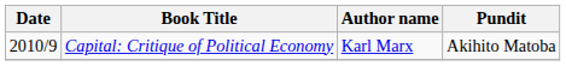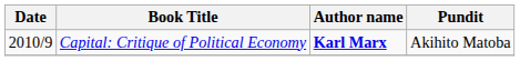 <table class="wikitable">
 <tr>
 <th>Date</th>
 <th>Book Title</th>
 <th>Author name</th>
 <th>Pundit</th>
 </tr>
 <tr>
 <td>2010/9</td>
 <td><em><a href='#'>Capital: Critique of Political Economy</a></em></td>
-<td><a href='#'>Karl Marx</a></td>
+<td><strong><a href='#'>Karl Marx</a></strong></td>
 <td>Akihito Matoba</td>
 </tr>
 <tr>
 </tr>
 </table>
